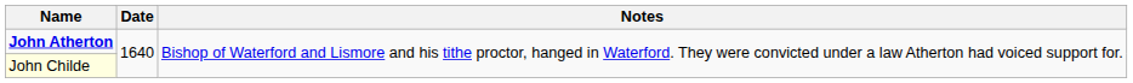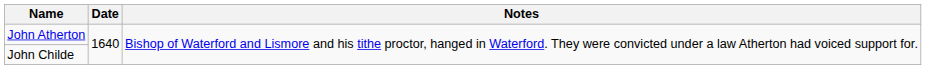 <table class="wikitable">
 <tr>
 <th>Name</th>
 <th>Date</th>
 <th>Notes</th>
 </tr>
 <tr>
-<td><strong><a href='#'>John Atherton</a></strong></td>
+<td><a href='#'>John Atherton</a></td>
 <td rowspan="2">1640</td>
 <td rowspan="2"><a href='#'>Bishop of Waterford and Lismore</a> and his <a href='#'>tithe</a> proctor, hanged in <a href='#'>Waterford</a>. They were convicted under a law Atherton had voiced support for.</td>
 </tr>
 <tr>
-<td style="background: lightyellow;">John Childe</td>
+<td>John Childe</td>
 </tr>
 </table>
